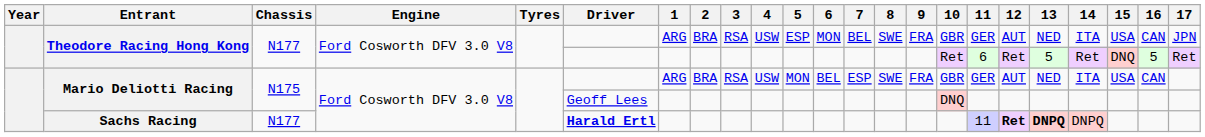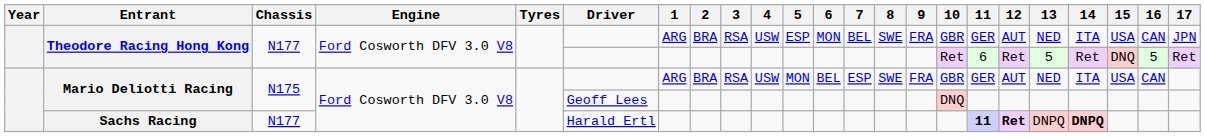 <table class="wikitable"  style="text-align:center; font-size:85%">
 <tr>
 <th>Year</th>
 <th>Entrant</th>
 <th>Chassis</th>
 <th>Engine</th>
 <th>Tyres</th>
 <th>Driver</th>
 <th>1</th>
 <th>2</th>
 <th>3</th>
 <th>4</th>
 <th>5</th>
 <th>6</th>
 <th>7</th>
 <th>8</th>
 <th>9</th>
 <th>10</th>
 <th>11</th>
 <th>12</th>
 <th>13</th>
 <th>14</th>
 <th>15</th>
 <th>16</th>
 <th>17</th>
 </tr>
 <tr>
 <th rowspan=2></th>
 <th rowspan=2><a href='#'>Theodore Racing Hong Kong</a></th>
 <td rowspan=2><a href='#'>N177</a></td>
 <td rowspan=2><a href='#'>Ford</a> Cosworth DFV 3.0 <a href='#'>V8</a></td>
 <td rowspan=2></td>
 <td></td>
 <td><a href='#'>ARG</a></td>
 <td><a href='#'>BRA</a></td>
 <td><a href='#'>RSA</a></td>
 <td><a href='#'>USW</a></td>
 <td><a href='#'>ESP</a></td>
 <td><a href='#'>MON</a></td>
 <td><a href='#'>BEL</a></td>
 <td><a href='#'>SWE</a></td>
 <td><a href='#'>FRA</a></td>
 <td><a href='#'>GBR</a></td>
 <td><a href='#'>GER</a></td>
 <td><a href='#'>AUT</a></td>
 <td><a href='#'>NED</a></td>
 <td><a href='#'>ITA</a></td>
 <td><a href='#'>USA</a></td>
 <td><a href='#'>CAN</a></td>
 <td><a href='#'>JPN</a></td>
 </tr>
 <tr>
 <td align="left"></td>
 <td></td>
 <td></td>
 <td></td>
 <td></td>
 <td></td>
 <td></td>
 <td></td>
 <td></td>
 <td></td>
 <td style="background:#efcfff;">Ret</td>
 <td style="background:#dfffdf;">6</td>
 <td style="background:#efcfff;">Ret</td>
 <td style="background:#dfffdf;">5</td>
 <td style="background:#efcfff;">Ret</td>
 <td style="background:#ffcfcf;">DNQ</td>
 <td style="background:#dfffdf;">5</td>
 <td style="background:#efcfff;">Ret</td>
 </tr>
 <tr>
 <th rowspan=3></th>
 <th rowspan=2>Mario Deliotti Racing</th>
 <td rowspan=2><a href='#'>N175</a></td>
 <td rowspan=3><a href='#'>Ford</a> Cosworth DFV 3.0 <a href='#'>V8</a></td>
 <td rowspan=3></td>
 <td></td>
 <td><a href='#'>ARG</a></td>
 <td><a href='#'>BRA</a></td>
 <td><a href='#'>RSA</a></td>
 <td><a href='#'>USW</a></td>
 <td><a href='#'>MON</a></td>
 <td><a href='#'>BEL</a></td>
 <td><a href='#'>ESP</a></td>
 <td><a href='#'>SWE</a></td>
 <td><a href='#'>FRA</a></td>
 <td><a href='#'>GBR</a></td>
 <td><a href='#'>GER</a></td>
 <td><a href='#'>AUT</a></td>
 <td><a href='#'>NED</a></td>
 <td><a href='#'>ITA</a></td>
 <td><a href='#'>USA</a></td>
 <td><a href='#'>CAN</a></td>
 <td></td>
 </tr>
 <tr>
 <td align="left"> <a href='#'>Geoff Lees</a></td>
 <td></td>
 <td></td>
 <td></td>
 <td></td>
 <td></td>
 <td></td>
 <td></td>
 <td></td>
 <td></td>
 <td style="background:#ffcfcf;">DNQ</td>
 <td></td>
 <td></td>
 <td></td>
 <td></td>
 <td></td>
 <td></td>
 <td></td>
 </tr>
 <tr>
 <th>Sachs Racing</th>
 <td><a href='#'>N177</a></td>
-<td align="left"><strong> <a href='#'>Harald Ertl</a></strong></td>
+<td align="left"> <a href='#'>Harald Ertl</a></td>
 <td></td>
 <td></td>
 <td></td>
 <td></td>
 <td></td>
 <td></td>
 <td></td>
 <td></td>
 <td></td>
 <td></td>
-<td style="background:#cfcfff;">11</td>
+<td style="background:#cfcfff;"><strong>11</strong></td>
 <td style="background:#efcfff;"><strong>Ret</strong></td>
+<td style="background:#ffcfcf;">DNPQ</td>
 <td style="background:#ffcfcf;"><strong>DNPQ</strong></td>
-<td style="background:#ffcfcf;">DNPQ</td>
 <td></td>
 <td></td>
 <td></td>
 </tr>
 </table>
